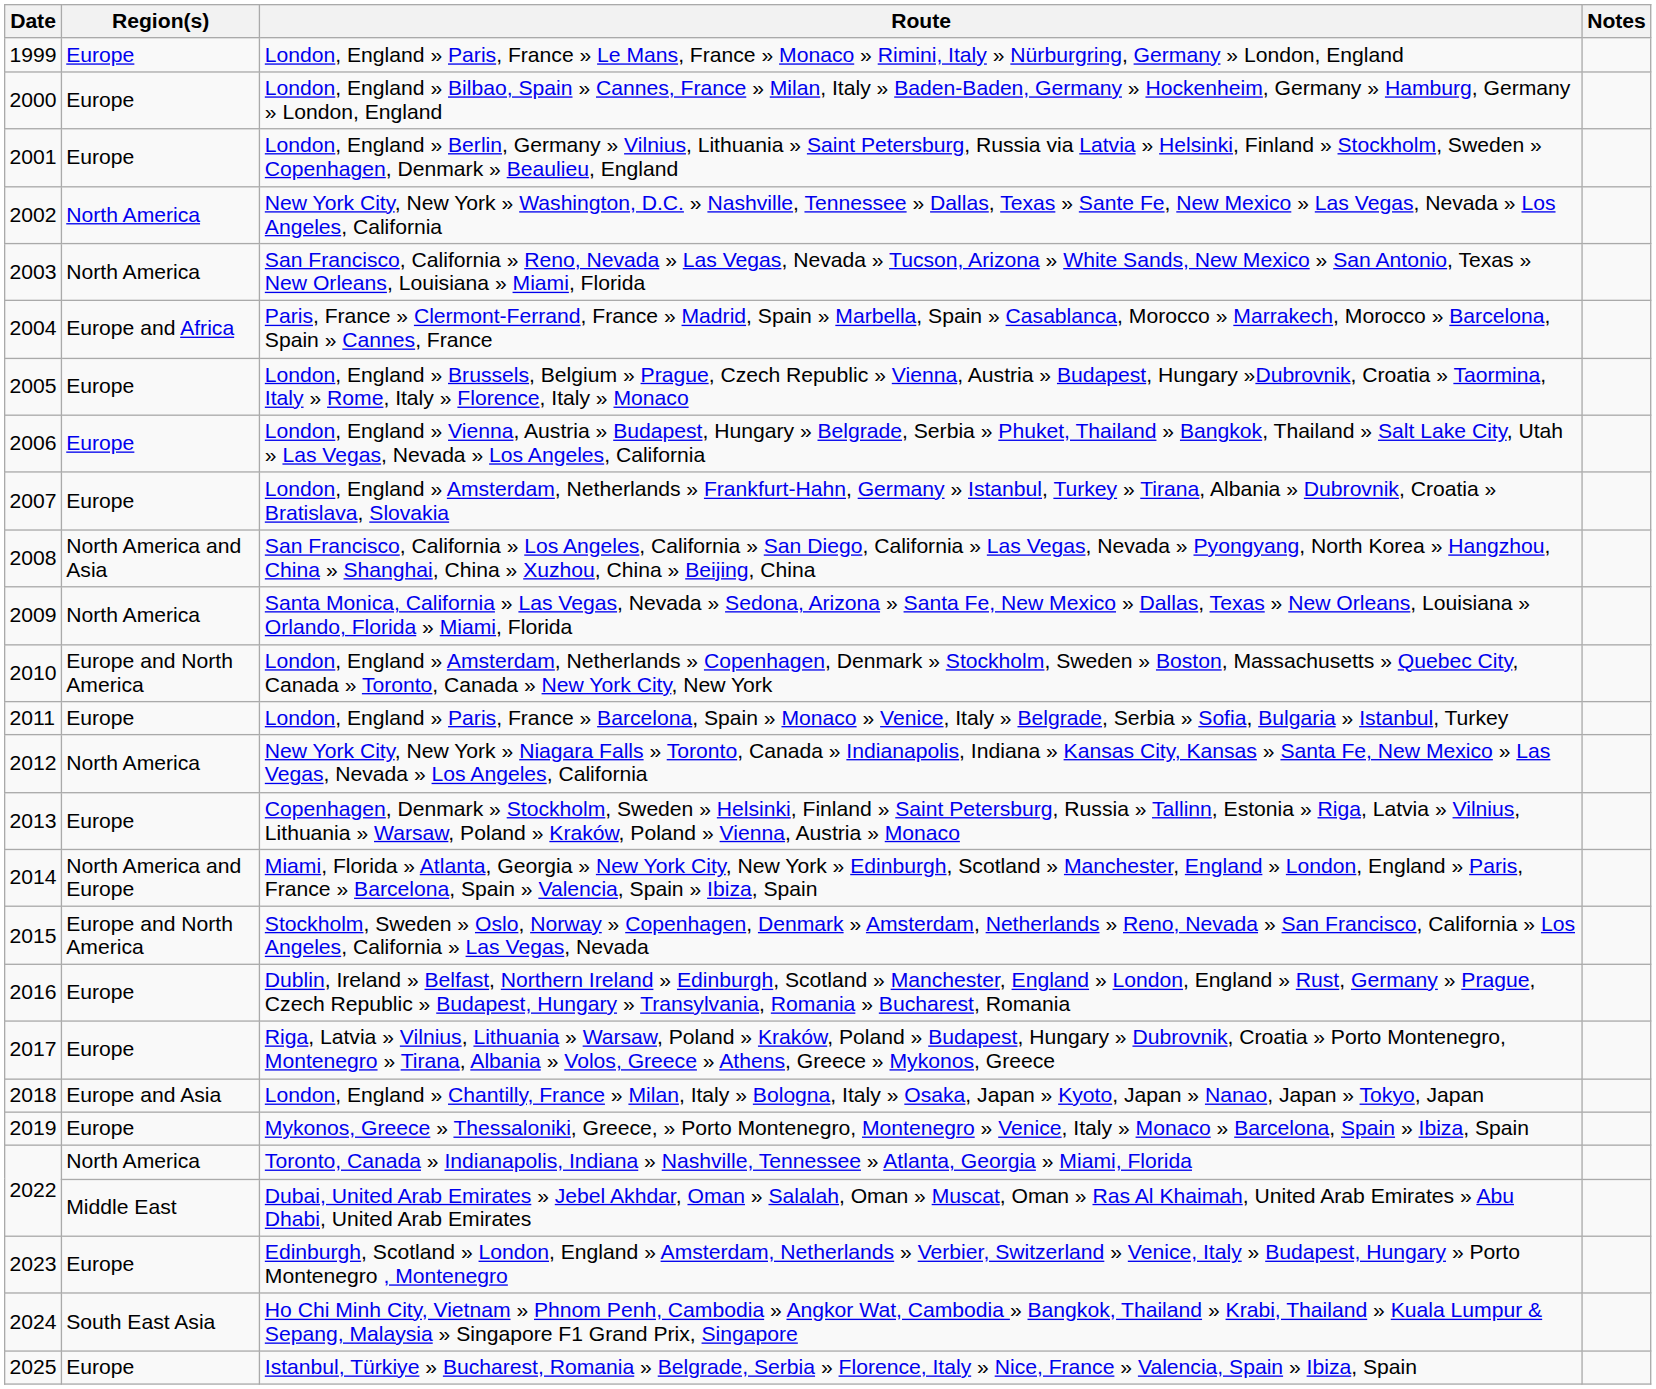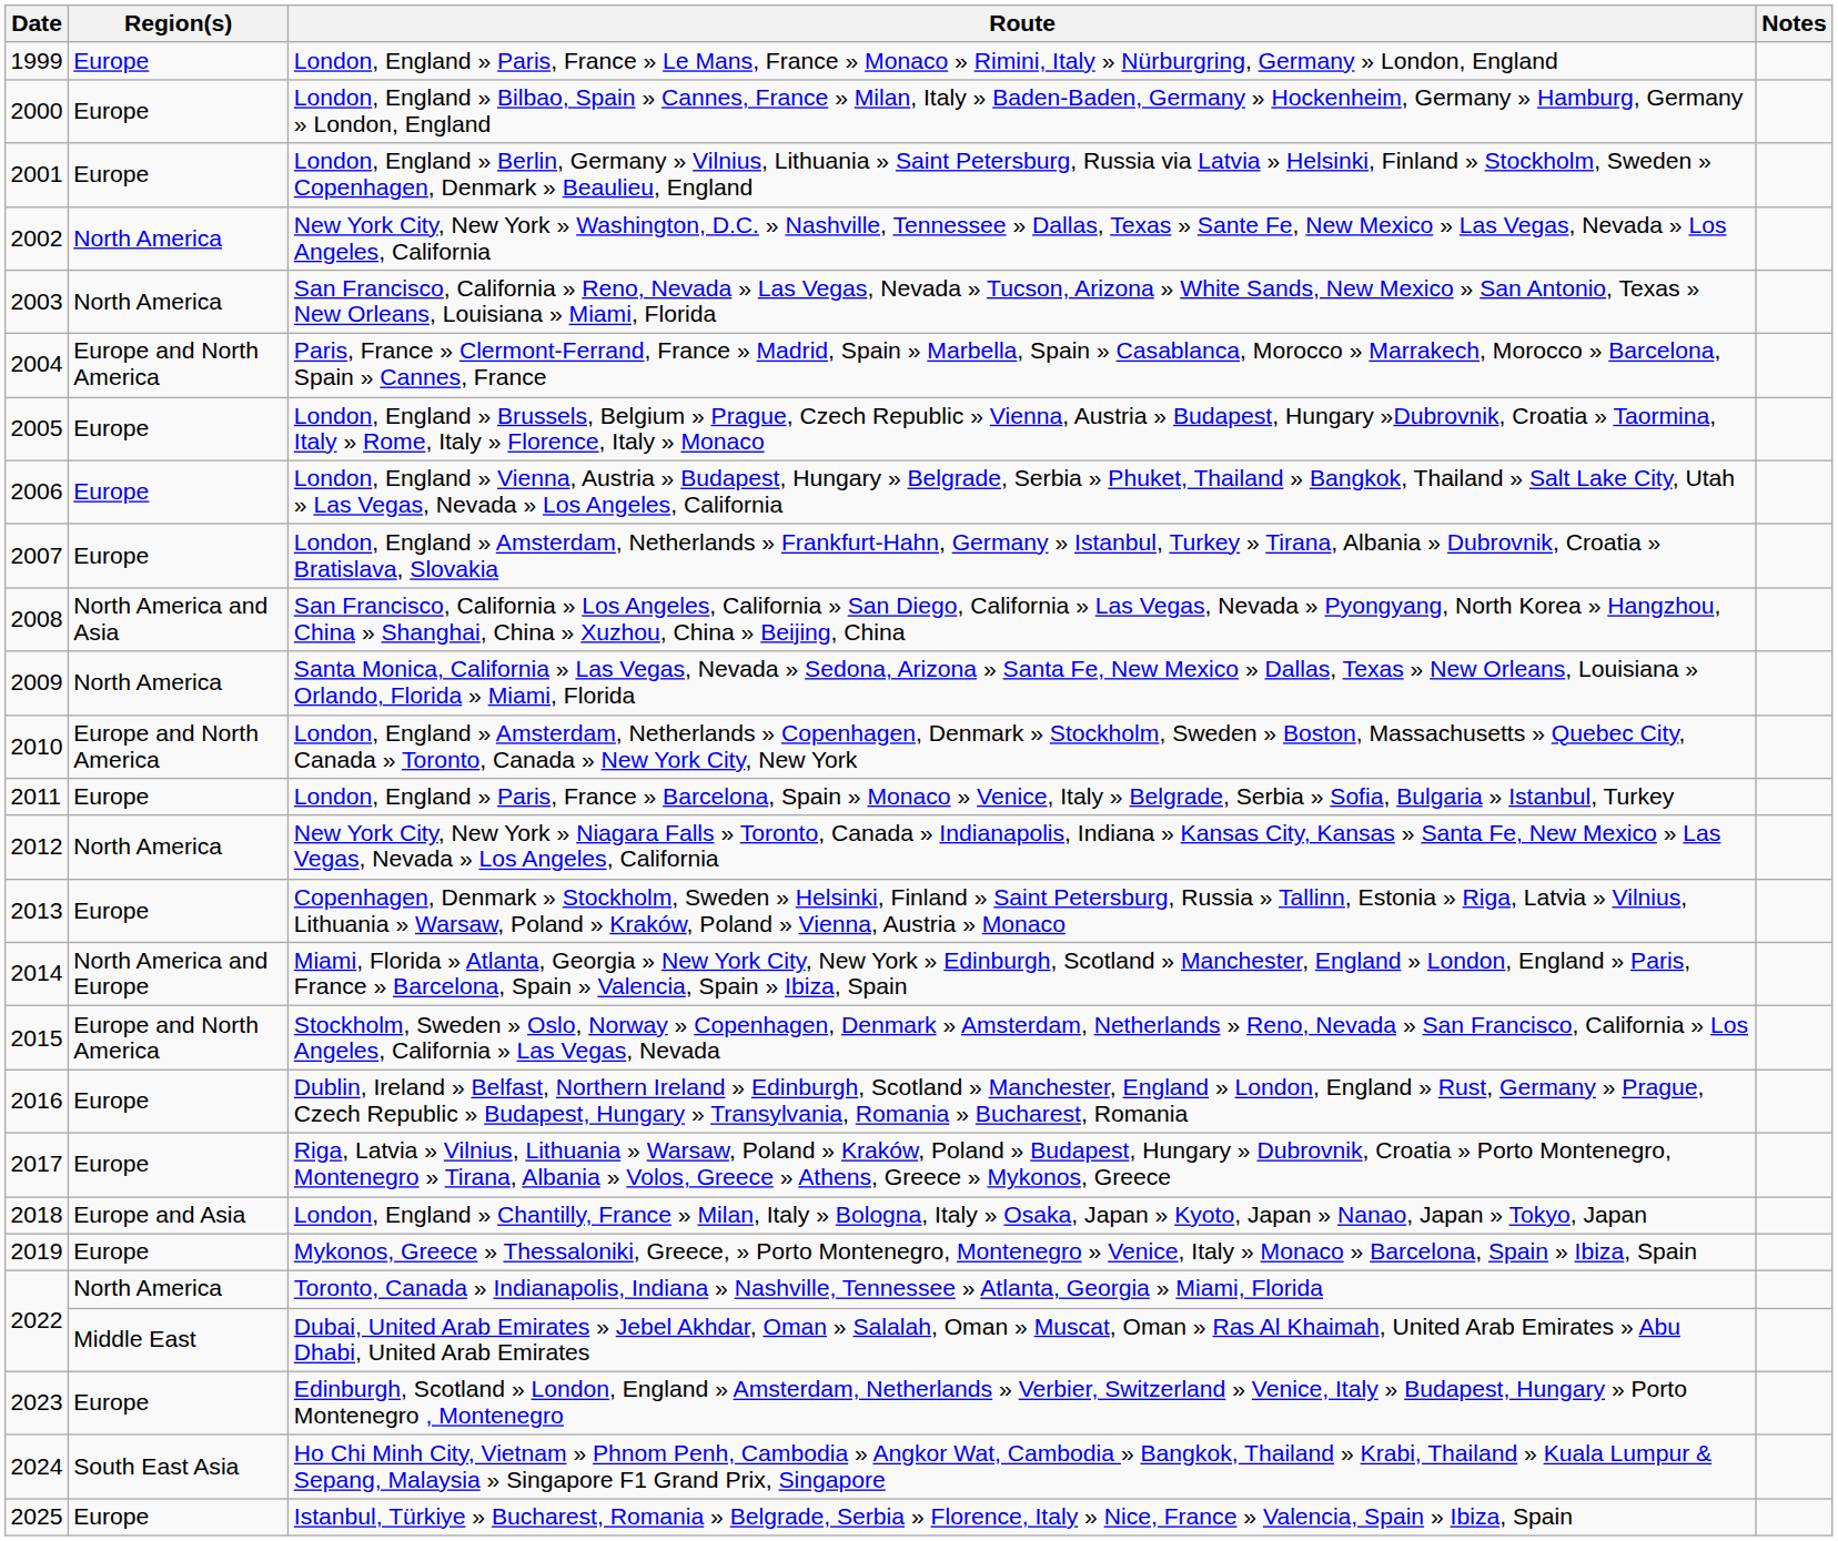 <table class="wikitable">
 <tr>
 <th>Date</th>
 <th>Region(s)</th>
 <th>Route</th>
 <th>Notes</th>
 </tr>
 <tr>
 <td>1999</td>
 <td><a href='#'>Europe</a></td>
 <td><a href='#'>London</a>, England  » <a href='#'>Paris</a>, France  » <a href='#'>Le Mans</a>, France  » <a href='#'>Monaco</a>  » <a href='#'>Rimini, Italy</a>  » <a href='#'>Nürburgring</a>, <a href='#'>Germany</a>  » London, England</td>
 <td></td>
 </tr>
 <tr>
 <td>2000</td>
 <td>Europe</td>
 <td><a href='#'>London</a>, England  » <a href='#'>Bilbao, Spain</a>  » <a href='#'>Cannes, France</a>  » <a href='#'>Milan</a>, Italy  » <a href='#'>Baden-Baden, Germany</a>  » <a href='#'>Hockenheim</a>, Germany  » <a href='#'>Hamburg</a>, Germany  » London, England</td>
 <td></td>
 </tr>
 <tr>
 <td>2001</td>
 <td>Europe</td>
 <td><a href='#'>London</a>, England  » <a href='#'>Berlin</a>, Germany  » <a href='#'>Vilnius</a>, Lithuania  » <a href='#'>Saint Petersburg</a>, Russia via <a href='#'>Latvia</a>  » <a href='#'>Helsinki</a>, Finland  » <a href='#'>Stockholm</a>, Sweden  » <a href='#'>Copenhagen</a>, Denmark  » <a href='#'>Beaulieu</a>, England</td>
 <td></td>
 </tr>
 <tr>
 <td>2002</td>
 <td><a href='#'>North America</a></td>
 <td><a href='#'>New York City</a>, New York  » <a href='#'>Washington, D.C.</a>  » <a href='#'>Nashville</a>, <a href='#'>Tennessee</a>  » <a href='#'>Dallas</a>, <a href='#'>Texas</a>  » <a href='#'>Sante Fe</a>, <a href='#'>New Mexico</a>  » <a href='#'>Las Vegas</a>, Nevada  » <a href='#'>Los Angeles</a>, California</td>
 <td></td>
 </tr>
 <tr>
 <td>2003</td>
 <td>North America</td>
 <td><a href='#'>San Francisco</a>, California  » <a href='#'>Reno, Nevada</a>  » <a href='#'>Las Vegas</a>, Nevada  » <a href='#'>Tucson, Arizona</a>  » <a href='#'>White Sands, New Mexico</a>  » <a href='#'>San Antonio</a>, Texas  » <a href='#'>New Orleans</a>, Louisiana  » <a href='#'>Miami</a>, Florida</td>
 <td></td>
 </tr>
 <tr>
 <td>2004</td>
-<td>Europe and <a href='#'>Africa</a></td>
+<td>Europe and North America</td>
 <td><a href='#'>Paris</a>, France  » <a href='#'>Clermont-Ferrand</a>, France  » <a href='#'>Madrid</a>, Spain  » <a href='#'>Marbella</a>, Spain  » <a href='#'>Casablanca</a>, Morocco  » <a href='#'>Marrakech</a>, Morocco  » <a href='#'>Barcelona</a>, Spain  » <a href='#'>Cannes</a>, France</td>
 <td></td>
 </tr>
 <tr>
 <td>2005</td>
 <td>Europe</td>
 <td><a href='#'>London</a>, England  » <a href='#'>Brussels</a>, Belgium  » <a href='#'>Prague</a>, Czech Republic  » <a href='#'>Vienna</a>, Austria  » <a href='#'>Budapest</a>, Hungary  »<a href='#'>Dubrovnik</a>, Croatia  » <a href='#'>Taormina</a>, <a href='#'>Italy</a>  » <a href='#'>Rome</a>, Italy  » <a href='#'>Florence</a>, Italy  » <a href='#'>Monaco</a></td>
 <td></td>
 </tr>
 <tr>
 <td>2006</td>
 <td><a href='#'>Europe</a></td>
 <td><a href='#'>London</a>, England  » <a href='#'>Vienna</a>, Austria  » <a href='#'>Budapest</a>, Hungary  » <a href='#'>Belgrade</a>, Serbia  » <a href='#'>Phuket, Thailand</a>  » <a href='#'>Bangkok</a>, Thailand  » <a href='#'>Salt Lake City</a>, Utah  » <a href='#'>Las Vegas</a>, Nevada  » <a href='#'>Los Angeles</a>, California</td>
 <td></td>
 </tr>
 <tr>
 <td>2007</td>
 <td>Europe</td>
 <td><a href='#'>London</a>, England  » <a href='#'>Amsterdam</a>, Netherlands  » <a href='#'>Frankfurt-Hahn</a>, <a href='#'>Germany</a>  » <a href='#'>Istanbul</a>, <a href='#'>Turkey</a>  » <a href='#'>Tirana</a>, Albania » <a href='#'>Dubrovnik</a>, Croatia  » <a href='#'>Bratislava</a>, <a href='#'>Slovakia</a></td>
 <td></td>
 </tr>
 <tr>
 <td>2008</td>
 <td>North America and Asia</td>
 <td><a href='#'>San Francisco</a>, California  » <a href='#'>Los Angeles</a>, California  » <a href='#'>San Diego</a>, California  » <a href='#'>Las Vegas</a>, Nevada  » <a href='#'>Pyongyang</a>, North Korea  » <a href='#'>Hangzhou</a>, <a href='#'>China</a>  » <a href='#'>Shanghai</a>, China  » <a href='#'>Xuzhou</a>, China  » <a href='#'>Beijing</a>, China</td>
 <td></td>
 </tr>
 <tr>
 <td>2009</td>
 <td>North America</td>
 <td><a href='#'>Santa Monica, California</a>  » <a href='#'>Las Vegas</a>, Nevada  » <a href='#'>Sedona, Arizona</a>  » <a href='#'>Santa Fe, New Mexico</a>  » <a href='#'>Dallas</a>, <a href='#'>Texas</a>  » <a href='#'>New Orleans</a>, Louisiana  » <a href='#'>Orlando, Florida</a>  » <a href='#'>Miami</a>, Florida</td>
 <td></td>
 </tr>
 <tr>
 <td>2010</td>
 <td>Europe and North America</td>
 <td><a href='#'>London</a>, England  » <a href='#'>Amsterdam</a>, Netherlands  » <a href='#'>Copenhagen</a>, Denmark  » <a href='#'>Stockholm</a>, Sweden  » <a href='#'>Boston</a>, Massachusetts  » <a href='#'>Quebec City</a>, Canada  » <a href='#'>Toronto</a>, Canada  » <a href='#'>New York City</a>, New York</td>
 <td></td>
 </tr>
 <tr>
 <td>2011</td>
 <td>Europe</td>
 <td><a href='#'>London</a>, England  » <a href='#'>Paris</a>, France  » <a href='#'>Barcelona</a>, Spain  » <a href='#'>Monaco</a>  » <a href='#'>Venice</a>, Italy  » <a href='#'>Belgrade</a>, Serbia  » <a href='#'>Sofia</a>, <a href='#'>Bulgaria</a>  » <a href='#'>Istanbul</a>, Turkey</td>
 <td></td>
 </tr>
 <tr>
 <td>2012</td>
 <td>North America</td>
 <td><a href='#'>New York City</a>, New York  » <a href='#'>Niagara Falls</a>  » <a href='#'>Toronto</a>, Canada  » <a href='#'>Indianapolis</a>, Indiana  » <a href='#'>Kansas City, Kansas</a>  » <a href='#'>Santa Fe, New Mexico</a>  » <a href='#'>Las Vegas</a>, Nevada  » <a href='#'>Los Angeles</a>, California</td>
 <td></td>
 </tr>
 <tr>
 <td>2013</td>
 <td>Europe</td>
 <td><a href='#'>Copenhagen</a>, Denmark  » <a href='#'>Stockholm</a>, Sweden  » <a href='#'>Helsinki</a>, Finland  » <a href='#'>Saint Petersburg</a>, Russia  » <a href='#'>Tallinn</a>, Estonia  » <a href='#'>Riga</a>, Latvia  » <a href='#'>Vilnius</a>, Lithuania  » <a href='#'>Warsaw</a>, Poland  » <a href='#'>Kraków</a>, Poland  » <a href='#'>Vienna</a>, Austria  » <a href='#'>Monaco</a></td>
 <td></td>
 </tr>
 <tr>
 <td>2014</td>
 <td>North America and Europe</td>
 <td><a href='#'>Miami</a>, Florida  » <a href='#'>Atlanta</a>, Georgia  » <a href='#'>New York City</a>, New York  » <a href='#'>Edinburgh</a>, Scotland  » <a href='#'>Manchester</a>, <a href='#'>England</a>  » <a href='#'>London</a>, England  » <a href='#'>Paris</a>, France  » <a href='#'>Barcelona</a>, Spain  » <a href='#'>Valencia</a>, Spain  » <a href='#'>Ibiza</a>, Spain</td>
 <td></td>
 </tr>
 <tr>
 <td>2015</td>
 <td>Europe and North America</td>
 <td><a href='#'>Stockholm</a>, Sweden  » <a href='#'>Oslo</a>, <a href='#'>Norway</a>  » <a href='#'>Copenhagen</a>, <a href='#'>Denmark</a>  » <a href='#'>Amsterdam</a>, <a href='#'>Netherlands</a>  » <a href='#'>Reno, Nevada</a>  » <a href='#'>San Francisco</a>, California  » <a href='#'>Los Angeles</a>, California  » <a href='#'>Las Vegas</a>, Nevada</td>
 <td></td>
 </tr>
 <tr>
 <td>2016</td>
 <td>Europe</td>
 <td><a href='#'>Dublin</a>, Ireland  » <a href='#'>Belfast</a>, <a href='#'>Northern Ireland</a>  » <a href='#'>Edinburgh</a>, Scotland  » <a href='#'>Manchester</a>, <a href='#'>England</a>  » <a href='#'>London</a>, England  » <a href='#'>Rust</a>, <a href='#'>Germany</a>  » <a href='#'>Prague</a>, Czech Republic  » <a href='#'>Budapest, Hungary</a>  » <a href='#'>Transylvania</a>, <a href='#'>Romania</a>  » <a href='#'>Bucharest</a>, Romania</td>
 <td></td>
 </tr>
 <tr>
 <td>2017</td>
 <td>Europe</td>
 <td><a href='#'>Riga</a>, Latvia  » <a href='#'>Vilnius</a>, <a href='#'>Lithuania</a>  » <a href='#'>Warsaw</a>, Poland  » <a href='#'>Kraków</a>, Poland  » <a href='#'>Budapest</a>, Hungary  » <a href='#'>Dubrovnik</a>, Croatia  » Porto Montenegro, <a href='#'>Montenegro</a>  » <a href='#'>Tirana</a>, <a href='#'>Albania</a>  » <a href='#'>Volos, Greece</a>  » <a href='#'>Athens</a>, Greece  » <a href='#'>Mykonos</a>, Greece</td>
 <td></td>
 </tr>
 <tr>
 <td>2018</td>
 <td>Europe and Asia</td>
 <td><a href='#'>London</a>, England  » <a href='#'>Chantilly, France</a>  » <a href='#'>Milan</a>, Italy  » <a href='#'>Bologna</a>, Italy  » <a href='#'>Osaka</a>, Japan  » <a href='#'>Kyoto</a>, Japan  » <a href='#'>Nanao</a>, Japan  » <a href='#'>Tokyo</a>, Japan</td>
 <td></td>
 </tr>
 <tr>
 <td>2019</td>
 <td>Europe</td>
 <td><a href='#'>Mykonos, Greece</a>  » <a href='#'>Thessaloniki</a>, Greece,  » Porto Montenegro, <a href='#'>Montenegro</a>  » <a href='#'>Venice</a>, Italy  » <a href='#'>Monaco</a>  » <a href='#'>Barcelona</a>, <a href='#'>Spain</a>  » <a href='#'>Ibiza</a>, Spain</td>
 <td></td>
 </tr>
 <tr>
 <td rowspan="2">2022</td>
 <td>North America</td>
 <td><a href='#'>Toronto, Canada</a>  » <a href='#'>Indianapolis, Indiana</a>  » <a href='#'>Nashville, Tennessee</a>  » <a href='#'>Atlanta, Georgia</a>  » <a href='#'>Miami, Florida</a></td>
 <td></td>
 </tr>
 <tr>
 <td>Middle East</td>
 <td><a href='#'>Dubai, United Arab Emirates</a>  » <a href='#'>Jebel Akhdar</a>, <a href='#'>Oman</a>  » <a href='#'>Salalah</a>, Oman  » <a href='#'>Muscat</a>, Oman  » <a href='#'>Ras Al Khaimah</a>, United Arab Emirates  » <a href='#'>Abu Dhabi</a>, United Arab Emirates</td>
 <td></td>
 </tr>
 <tr>
 <td>2023</td>
 <td>Europe</td>
 <td><a href='#'>Edinburgh</a>, Scotland  » <a href='#'>London</a>, England  » <a href='#'>Amsterdam, Netherlands</a>  » <a href='#'>Verbier, Switzerland</a>  » <a href='#'>Venice, Italy</a>  » <a href='#'>Budapest, Hungary</a>  » Porto Montenegro <a href='#'>, Montenegro</a></td>
 <td></td>
 </tr>
 <tr>
 <td>2024</td>
 <td>South East Asia</td>
 <td><a href='#'>Ho Chi Minh City, Vietnam</a> » <a href='#'>Phnom Penh, Cambodia</a> » <a href='#'>Angkor Wat, Cambodia </a>» <a href='#'>Bangkok, Thailand</a> » <a href='#'>Krabi, Thailand</a> » <a href='#'>Kuala Lumpur & Sepang, Malaysia</a> » Singapore F1 Grand Prix, <a href='#'>Singapore</a></td>
 <td></td>
 </tr>
 <tr>
 <td>2025</td>
 <td>Europe</td>
 <td><a href='#'>Istanbul, Türkiye</a> » <a href='#'>Bucharest, Romania</a> » <a href='#'>Belgrade, Serbia</a> » <a href='#'>Florence, Italy</a> » <a href='#'>Nice, France</a> » <a href='#'>Valencia, Spain</a> » <a href='#'>Ibiza</a>, Spain</td>
 <td></td>
 </tr>
 </table>
